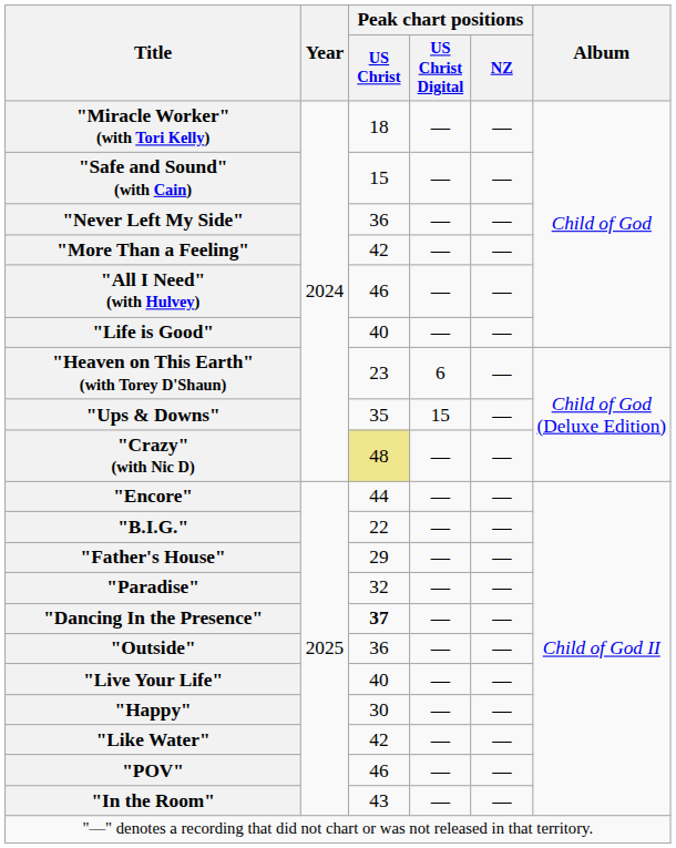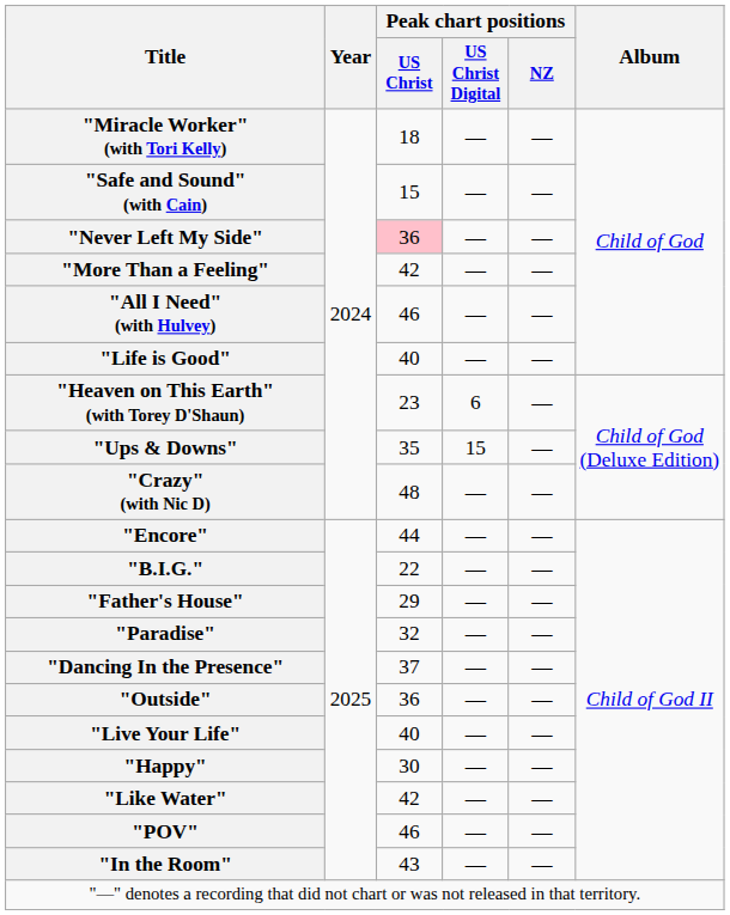 <table class="wikitable plainrowheaders" style="text-align:center;">
 <tr>
 <th rowspan="2" scope="col" style="width:15em;">Title</th>
 <th rowspan="2">Year</th>
 <th colspan="3">Peak chart positions</th>
 <th rowspan="2">Album</th>
 </tr>
 <tr style="font-size:smaller;">
 <th scope="col" width="45"><a href='#'>US<br>Christ</a><br></th>
 <th scope="col" width="45"><a href='#'>US<br>Christ<br>Digital</a><br></th>
 <th scope="col" width="45"><a href='#'>NZ</a><br></th>
 </tr>
 <tr>
 <th scope="row">"Miracle Worker"<br><small>(with <a href='#'>Tori Kelly</a>)</small></th>
 <td rowspan="9">2024</td>
 <td>18</td>
 <td>—</td>
 <td>—</td>
 <td rowspan="6"><em><a href='#'>Child of God</a></em></td>
 </tr>
 <tr>
 <th scope="row">"Safe and Sound"<br><small>(with <a href='#'>Cain</a>)</small></th>
 <td>15</td>
 <td>—</td>
 <td>—</td>
 </tr>
 <tr>
 <th scope="row">"Never Left My Side"</th>
-<td>36</td>
+<td style="background: pink;">36</td>
 <td>—</td>
 <td>—</td>
 </tr>
 <tr>
 <th scope="row">"More Than a Feeling"</th>
 <td>42</td>
 <td>—</td>
 <td>—</td>
 </tr>
 <tr>
 <th scope="row">"All I Need"<br><small>(with <a href='#'>Hulvey</a>)</small></th>
 <td>46</td>
 <td>—</td>
 <td>—</td>
 </tr>
 <tr>
 <th scope="row">"Life is Good"</th>
 <td>40</td>
 <td>—</td>
 <td>—</td>
 </tr>
 <tr>
 <th scope="row">"Heaven on This Earth"<br><small>(with Torey D'Shaun)</small></th>
 <td>23</td>
 <td>6</td>
 <td>—</td>
 <td rowspan="3"><a href='#'><em>Child of God</em><br>(Deluxe Edition)</a></td>
 </tr>
 <tr>
 <th scope="row">"Ups & Downs"</th>
 <td>35</td>
 <td>15</td>
 <td>—</td>
 </tr>
 <tr>
 <th scope="row">"Crazy"<br><small>(with Nic D)</small></th>
-<td style="background: khaki;">48</td>
+<td>48</td>
 <td>—</td>
 <td>—</td>
 </tr>
 <tr>
 <th scope="row">"Encore"</th>
 <td rowspan="11">2025</td>
 <td>44</td>
 <td>—</td>
 <td>—</td>
 <td rowspan="11"><em><a href='#'>Child of God II</a></em></td>
 </tr>
 <tr>
 <th scope="row">"B.I.G."</th>
 <td>22</td>
 <td>—</td>
 <td>—</td>
 </tr>
 <tr>
 <th scope="row">"Father's House"</th>
 <td>29</td>
 <td>—</td>
 <td>—</td>
 </tr>
 <tr>
 <th scope="row">"Paradise"</th>
 <td>32</td>
 <td>—</td>
 <td>—</td>
 </tr>
 <tr>
 <th scope="row">"Dancing In the Presence"</th>
-<td><strong>37</strong></td>
+<td>37</td>
 <td>—</td>
 <td>—</td>
 </tr>
 <tr>
 <th scope="row">"Outside"</th>
 <td>36</td>
 <td>—</td>
 <td>—</td>
 </tr>
 <tr>
 <th scope="row">"Live Your Life"</th>
 <td>40</td>
 <td>—</td>
 <td>—</td>
 </tr>
 <tr>
 <th scope="row">"Happy"</th>
 <td>30</td>
 <td>—</td>
 <td>—</td>
 </tr>
 <tr>
 <th scope="row">"Like Water"<br></th>
 <td>42</td>
 <td>—</td>
 <td>—</td>
 </tr>
 <tr>
 <th scope="row">"POV"</th>
 <td>46</td>
 <td>—</td>
 <td>—</td>
 </tr>
 <tr>
 <th scope="row">"In the Room"</th>
 <td>43</td>
 <td>—</td>
 <td>—</td>
 </tr>
 <tr>
 <td colspan="12" style="font-size:85%">"—" denotes a recording that did not chart or was not released in that territory.</td>
 </tr>
 </table>
